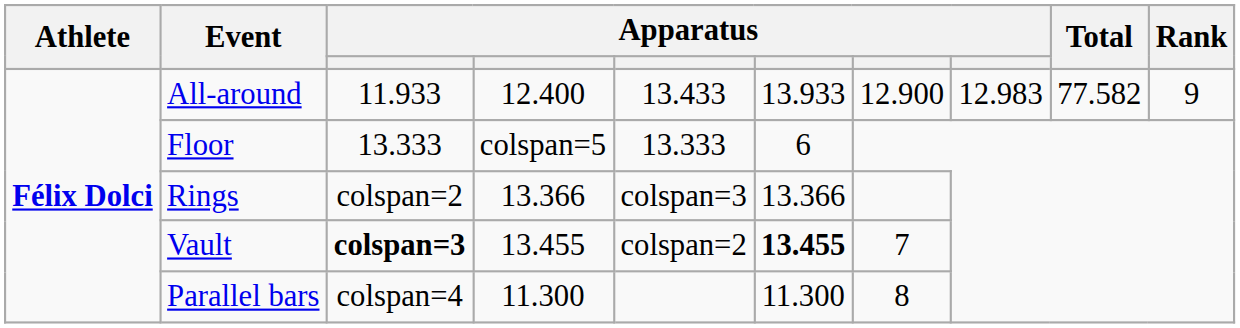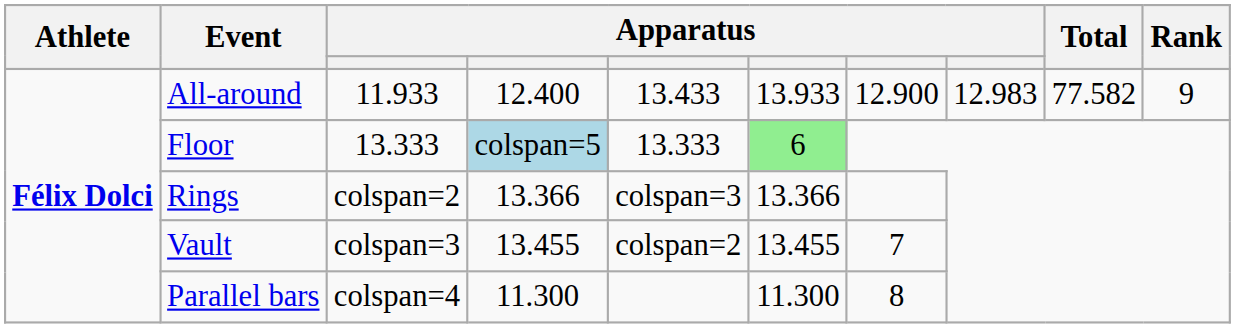 <table class="wikitable" style="font-size:90%">
 <tr>
 <th rowspan=2>Athlete</th>
 <th rowspan=2>Event</th>
 <th colspan=6>Apparatus</th>
 <th rowspan=2>Total</th>
 <th rowspan=2>Rank</th>
 </tr>
 <tr style="font-size:95%">
 <th></th>
 <th></th>
 <th></th>
 <th></th>
 <th></th>
 <th></th>
 </tr>
 <tr align=center>
 <td align=left rowspan=5><strong><a href='#'>Félix Dolci</a></strong></td>
 <td align=left><a href='#'>All-around</a></td>
 <td>11.933</td>
 <td>12.400</td>
 <td>13.433</td>
 <td>13.933</td>
 <td>12.900</td>
 <td>12.983</td>
 <td>77.582</td>
 <td>9</td>
 </tr>
 <tr align=center>
 <td align=left><a href='#'>Floor</a></td>
 <td>13.333</td>
-<td>colspan=5 </td>
+<td style="background: lightblue;">colspan=5 </td>
 <td>13.333</td>
-<td>6</td>
+<td style="background: lightgreen;">6</td>
 </tr>
 <tr align=center>
 <td align=left><a href='#'>Rings</a></td>
 <td>colspan=2 </td>
 <td>13.366</td>
 <td>colspan=3 </td>
 <td>13.366</td>
 <td></td>
 </tr>
 <tr align=center>
 <td align=left><a href='#'>Vault</a></td>
-<td><strong>colspan=3 </strong></td>
+<td>colspan=3 </td>
 <td>13.455</td>
 <td>colspan=2 </td>
-<td><strong>13.455</strong></td>
+<td>13.455</td>
 <td>7</td>
 </tr>
 <tr align=center>
 <td align=left><a href='#'>Parallel bars</a></td>
 <td>colspan=4 </td>
 <td>11.300</td>
 <td></td>
 <td>11.300</td>
 <td>8</td>
 </tr>
 </table>
